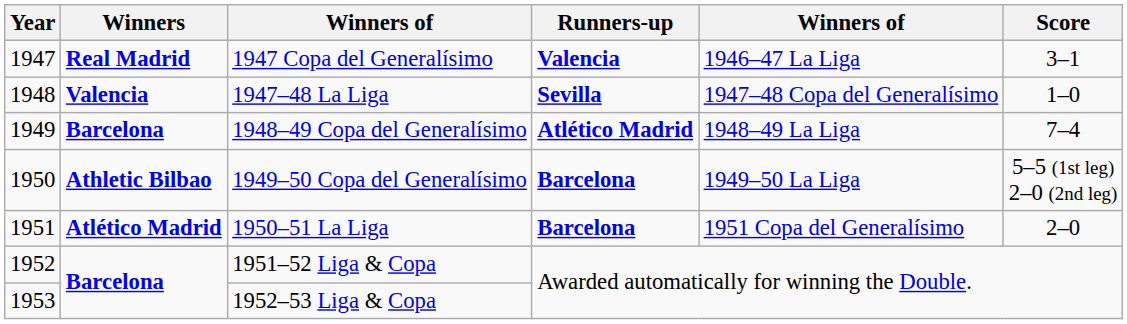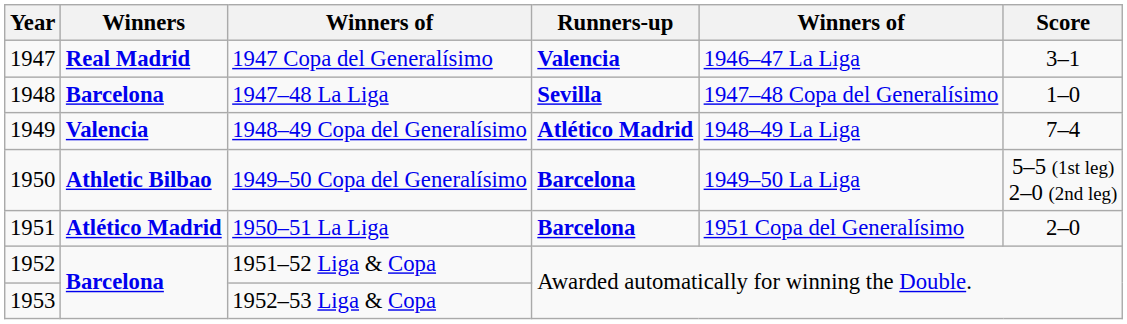 <table class="wikitable">
 <tr>
 <th>Year</th>
 <th>Winners</th>
 <th>Winners of</th>
 <th>Runners-up</th>
 <th>Winners of</th>
 <th>Score</th>
 </tr>
 <tr>
 <td>1947</td>
 <td><strong><a href='#'>Real Madrid</a></strong></td>
 <td><a href='#'>1947 Copa del Generalísimo</a></td>
 <td><strong><a href='#'>Valencia</a></strong></td>
 <td><a href='#'>1946–47 La Liga</a></td>
 <td align="center">3–1</td>
 </tr>
 <tr>
 <td>1948</td>
-<td><strong><a href='#'>Valencia</a></strong></td>
+<td><strong><a href='#'>Barcelona</a></strong></td>
 <td><a href='#'>1947–48 La Liga</a></td>
 <td><strong><a href='#'>Sevilla</a></strong></td>
 <td><a href='#'>1947–48 Copa del Generalísimo</a></td>
 <td align="center">1–0</td>
 </tr>
 <tr>
 <td>1949</td>
-<td><strong><a href='#'>Barcelona</a></strong></td>
+<td><strong><a href='#'>Valencia</a></strong></td>
 <td><a href='#'>1948–49 Copa del Generalísimo</a></td>
 <td><strong><a href='#'>Atlético Madrid</a></strong></td>
 <td><a href='#'>1948–49 La Liga</a></td>
 <td align="center">7–4</td>
 </tr>
 <tr>
 <td>1950</td>
 <td><strong><a href='#'>Athletic Bilbao</a></strong></td>
 <td><a href='#'>1949–50 Copa del Generalísimo</a></td>
 <td><strong><a href='#'>Barcelona</a></strong></td>
 <td><a href='#'>1949–50 La Liga</a></td>
 <td align="center">5–5 <small>(1st leg)</small><br>2–0 <small>(2nd leg)</small></td>
 </tr>
 <tr>
 <td>1951</td>
 <td><strong><a href='#'>Atlético Madrid</a></strong></td>
 <td><a href='#'>1950–51 La Liga</a></td>
 <td><strong><a href='#'>Barcelona</a></strong></td>
 <td><a href='#'>1951 Copa del Generalísimo</a></td>
 <td align="center">2–0</td>
 </tr>
 <tr>
 <td>1952</td>
 <td rowspan="2"><strong><a href='#'>Barcelona</a></strong></td>
 <td>1951–52 <a href='#'>Liga</a> & <a href='#'>Copa</a></td>
 <td colspan="3" rowspan="2">Awarded automatically for winning the <a href='#'>Double</a>.</td>
 </tr>
 <tr>
 <td>1953</td>
 <td>1952–53 <a href='#'>Liga</a> & <a href='#'>Copa</a></td>
 </tr>
 </table>
